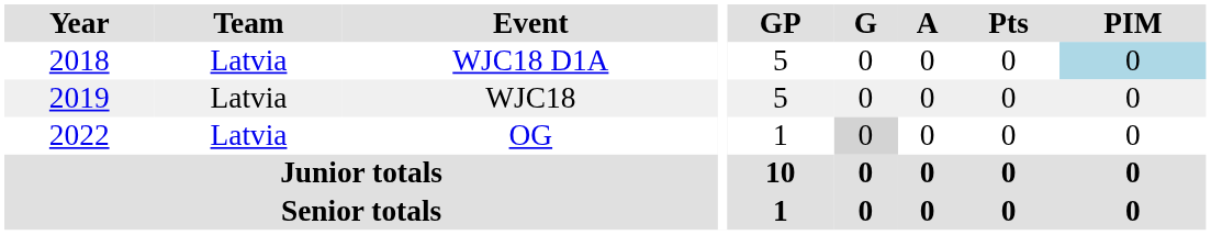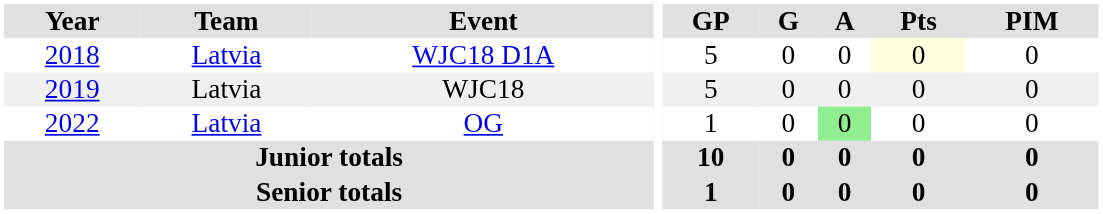 <table border="0" cellpadding="1" cellspacing="0" ID="Table3" style="text-align:center; width:40em">
 <tr ALIGN="center" bgcolor="#e0e0e0">
 <th>Year</th>
 <th>Team</th>
 <th>Event</th>
 <th rowspan="99" bgcolor="#ffffff"></th>
 <th>GP</th>
 <th>G</th>
 <th>A</th>
 <th>Pts</th>
 <th>PIM</th>
 </tr>
 <tr>
 <td><a href='#'>2018</a></td>
 <td><a href='#'>Latvia</a></td>
 <td><a href='#'>WJC18 D1A</a></td>
 <td>5</td>
 <td>0</td>
 <td>0</td>
+<td style="background: lightyellow;">0</td>
 <td>0</td>
-<td style="background: lightblue;">0</td>
 </tr>
 <tr bgcolor="#f0f0f0">
 <td><a href='#'>2019</a></td>
 <td>Latvia</td>
 <td>WJC18</td>
 <td>5</td>
 <td>0</td>
 <td>0</td>
 <td>0</td>
 <td>0</td>
 </tr>
 <tr>
 <td><a href='#'>2022</a></td>
 <td><a href='#'>Latvia</a></td>
 <td><a href='#'>OG</a></td>
 <td>1</td>
-<td style="background: lightgrey;">0</td>
 <td>0</td>
+<td style="background: lightgreen;">0</td>
 <td>0</td>
 <td>0</td>
 </tr>
 <tr bgcolor="#e0e0e0">
 <th colspan="3">Junior totals</th>
 <th>10</th>
 <th>0</th>
 <th>0</th>
 <th>0</th>
 <th>0</th>
 </tr>
 <tr bgcolor="#e0e0e0">
 <th colspan="3">Senior totals</th>
 <th>1</th>
 <th>0</th>
 <th>0</th>
 <th>0</th>
 <th>0</th>
 </tr>
 </table>
